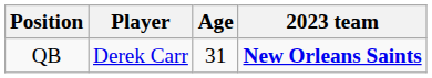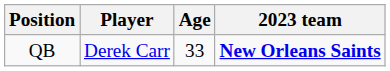 <table class="wikitable" style="text-align:center">
 <tr>
 <th>Position</th>
 <th>Player</th>
 <th>Age</th>
 <th>2023 team</th>
 </tr>
 <tr>
 <td>QB</td>
 <td><a href='#'>Derek Carr</a></td>
-<td>31</td>
+<td>33</td>
 <td><strong><a href='#'>New Orleans Saints</a></strong></td>
 </tr>
 </table>
